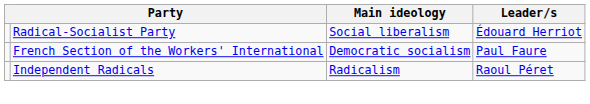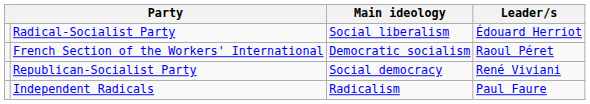 <table class="wikitable" style="font-size:95%">
 <tr>
 <th colspan=2>Party</th>
 <th>Main ideology</th>
 <th>Leader/s</th>
 </tr>
 <tr>
 <td style="color:inherit;background:"></td>
 <td><a href='#'>Radical-Socialist Party</a></td>
 <td><a href='#'>Social liberalism</a></td>
 <td><a href='#'>Édouard Herriot</a> </td>
 </tr>
 <tr>
 <td style="color:inherit;background:"></td>
 <td><a href='#'>French Section of the Workers' International</a></td>
 <td><a href='#'>Democratic socialism</a></td>
-<td><a href='#'>Paul Faure</a></td>
+<td><a href='#'>Raoul Péret</a></td>
+</tr>
+<tr>
+<td style="color:inherit;background:"></td>
+<td><a href='#'>Republican-Socialist Party</a></td>
+<td><a href='#'>Social democracy</a></td>
+<td><a href='#'>René Viviani</a></td>
 </tr>
 <tr>
 <td style="color:inherit;background:"></td>
 <td><a href='#'>Independent Radicals</a></td>
 <td><a href='#'>Radicalism</a></td>
-<td><a href='#'>Raoul Péret</a></td>
+<td><a href='#'>Paul Faure</a></td>
 </tr>
 </table>
